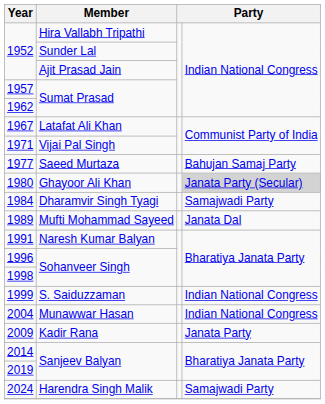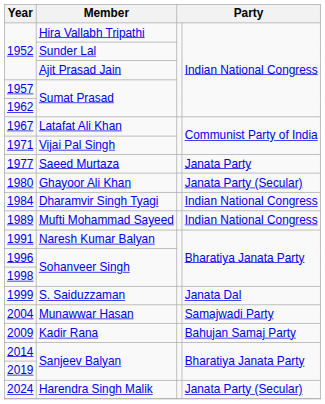 <table class="wikitable">
 <tr>
 <th>Year</th>
 <th>Member</th>
 <th colspan="2">Party</th>
 </tr>
 <tr>
 <td rowspan="3"><a href='#'>1952</a></td>
 <td><a href='#'>Hira Vallabh Tripathi</a></td>
 <td rowspan="5" style="background-color: "></td>
 <td rowspan="5"><a href='#'>Indian National Congress</a></td>
 </tr>
 <tr>
 <td><a href='#'>Sunder Lal</a></td>
 </tr>
 <tr>
 <td><a href='#'>Ajit Prasad Jain </a></td>
 </tr>
 <tr>
 <td><a href='#'>1957</a></td>
 <td rowspan="2"><a href='#'>Sumat Prasad</a></td>
 </tr>
 <tr>
 <td><a href='#'>1962</a></td>
 </tr>
 <tr>
 <td><a href='#'>1967</a></td>
 <td><a href='#'>Latafat Ali Khan</a></td>
 <td rowspan="2" style="background-color: "></td>
 <td rowspan="2"><a href='#'>Communist Party of India</a></td>
 </tr>
 <tr>
 <td><a href='#'>1971</a></td>
 <td><a href='#'>Vijai Pal Singh</a></td>
 </tr>
 <tr>
 <td><a href='#'>1977</a></td>
 <td><a href='#'>Saeed Murtaza</a></td>
 <td style="background-color: "></td>
-<td><a href='#'>Bahujan Samaj Party</a></td>
+<td><a href='#'>Janata Party</a></td>
 </tr>
 <tr>
 <td><a href='#'>1980</a></td>
 <td><a href='#'>Ghayoor Ali Khan</a></td>
 <td style="background-color: "></td>
-<td style="background: lightgrey;"><a href='#'>Janata Party (Secular)</a></td>
+<td><a href='#'>Janata Party (Secular)</a></td>
 </tr>
 <tr>
 <td><a href='#'>1984</a></td>
 <td><a href='#'>Dharamvir Singh Tyagi</a></td>
 <td style="background-color: "></td>
-<td><a href='#'>Samajwadi Party</a></td>
+<td><a href='#'>Indian National Congress</a></td>
 </tr>
 <tr>
 <td><a href='#'>1989</a></td>
 <td><a href='#'>Mufti Mohammad Sayeed</a></td>
 <td style="background-color: "></td>
-<td><a href='#'>Janata Dal</a></td>
+<td><a href='#'>Indian National Congress</a></td>
 </tr>
 <tr>
 <td><a href='#'>1991</a></td>
 <td><a href='#'>Naresh Kumar Balyan</a></td>
 <td rowspan="3" style="background-color: "></td>
 <td rowspan="3"><a href='#'>Bharatiya Janata Party</a></td>
 </tr>
 <tr>
 <td><a href='#'>1996</a></td>
 <td rowspan="2"><a href='#'>Sohanveer Singh</a></td>
 </tr>
 <tr>
 <td><a href='#'>1998</a></td>
 </tr>
 <tr>
 <td><a href='#'>1999</a></td>
 <td><a href='#'>S. Saiduzzaman</a></td>
 <td style="background-color: "></td>
-<td><a href='#'>Indian National Congress</a></td>
+<td><a href='#'>Janata Dal</a></td>
 </tr>
 <tr>
 <td><a href='#'>2004</a></td>
 <td><a href='#'>Munawwar Hasan</a></td>
 <td style="background-color: "></td>
-<td><a href='#'>Indian National Congress</a></td>
+<td><a href='#'>Samajwadi Party</a></td>
 </tr>
 <tr>
 <td><a href='#'>2009</a></td>
 <td><a href='#'>Kadir Rana</a></td>
 <td style="background-color: "></td>
-<td><a href='#'>Janata Party</a></td>
+<td><a href='#'>Bahujan Samaj Party</a></td>
 </tr>
 <tr>
 <td><a href='#'>2014</a></td>
 <td rowspan="2"><a href='#'>Sanjeev Balyan</a></td>
 <td rowspan="2" style="background-color: "></td>
 <td rowspan="2"><a href='#'>Bharatiya Janata Party</a></td>
 </tr>
 <tr>
 <td><a href='#'>2019</a></td>
 </tr>
 <tr>
 <td><a href='#'>2024</a></td>
 <td><a href='#'>Harendra Singh Malik</a></td>
 <td style="background-color: "></td>
-<td><a href='#'>Samajwadi Party</a></td>
+<td><a href='#'>Janata Party (Secular)</a></td>
 </tr>
 <tr>
 </tr>
 </table>
